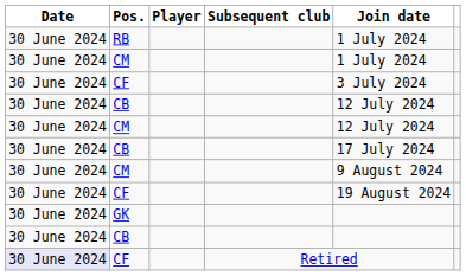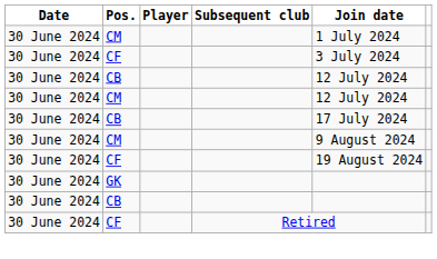 <table class="wikitable plainrowheaders sortable">
 <tr>
 <th style="background-color:white;">Date</th>
 <th style="background-color:white;">Pos.</th>
 <th style="background-color:white;">Player</th>
 <th style="background-color:white;">Subsequent club</th>
 <th style="background-color:white;">Join date</th>
 <th style="background-color:white;"></th>
-</tr>
-<tr>
-<td>30 June 2024</td>
-<td><a href='#'>RB</a></td>
-<td></td>
-<td></td>
-<td>1 July 2024</td>
-<td></td>
 </tr>
 <tr>
 <td>30 June 2024</td>
 <td><a href='#'>CM</a></td>
 <td></td>
 <td></td>
 <td>1 July 2024</td>
 <td></td>
 </tr>
 <tr>
 <td>30 June 2024</td>
 <td><a href='#'>CF</a></td>
 <td></td>
 <td></td>
 <td>3 July 2024</td>
 <td></td>
 </tr>
 <tr>
 <td>30 June 2024</td>
 <td><a href='#'>CB</a></td>
 <td></td>
 <td></td>
 <td>12 July 2024</td>
 <td></td>
 </tr>
 <tr>
 <td>30 June 2024</td>
 <td><a href='#'>CM</a></td>
 <td></td>
 <td></td>
 <td>12 July 2024</td>
 <td></td>
 </tr>
 <tr>
 <td>30 June 2024</td>
 <td><a href='#'>CB</a></td>
 <td></td>
 <td></td>
 <td>17 July 2024</td>
 <td></td>
 </tr>
 <tr>
 <td>30 June 2024</td>
 <td><a href='#'>CM</a></td>
 <td></td>
 <td></td>
 <td>9 August 2024</td>
 <td></td>
 </tr>
 <tr>
 <td>30 June 2024</td>
 <td><a href='#'>CF</a></td>
 <td></td>
 <td></td>
 <td>19 August 2024</td>
 <td></td>
 </tr>
 <tr>
 <td>30 June 2024</td>
 <td><a href='#'>GK</a></td>
 <td></td>
 <td></td>
 <td></td>
 <td></td>
 </tr>
 <tr>
 <td>30 June 2024</td>
 <td><a href='#'>CB</a></td>
 <td></td>
 <td></td>
 <td></td>
 <td></td>
 </tr>
 <tr>
-<td style="background: lavender;">30 June 2024</td>
+<td>30 June 2024</td>
 <td><a href='#'>CF</a></td>
 <td></td>
 <td colspan="2" style="text-align:center;"><a href='#'>Retired</a></td>
 <td></td>
 </tr>
 </table>
